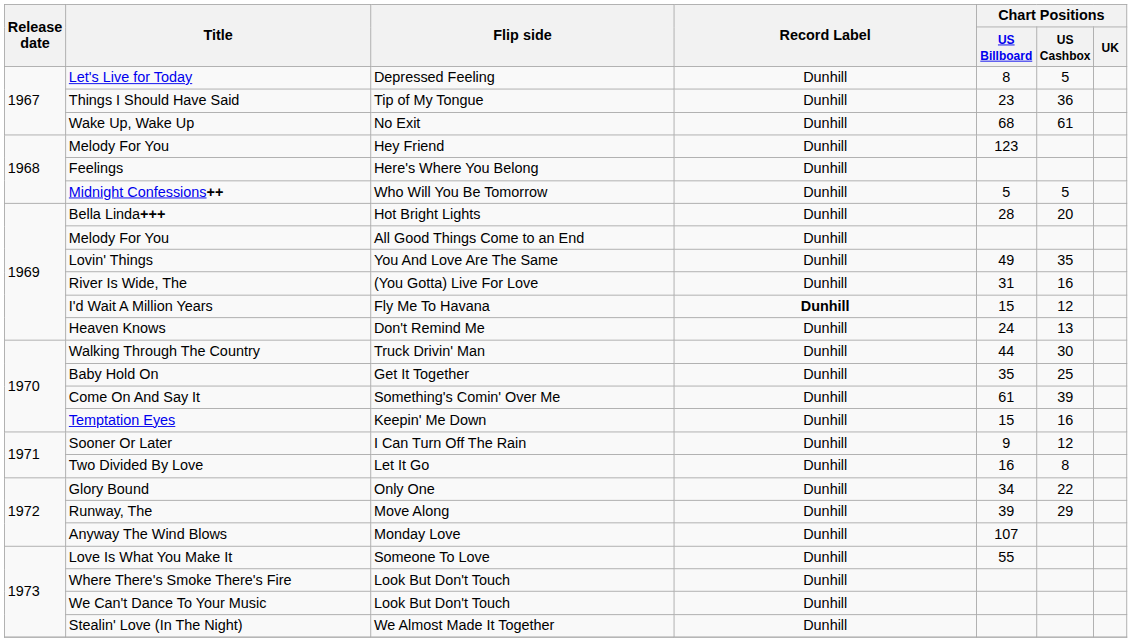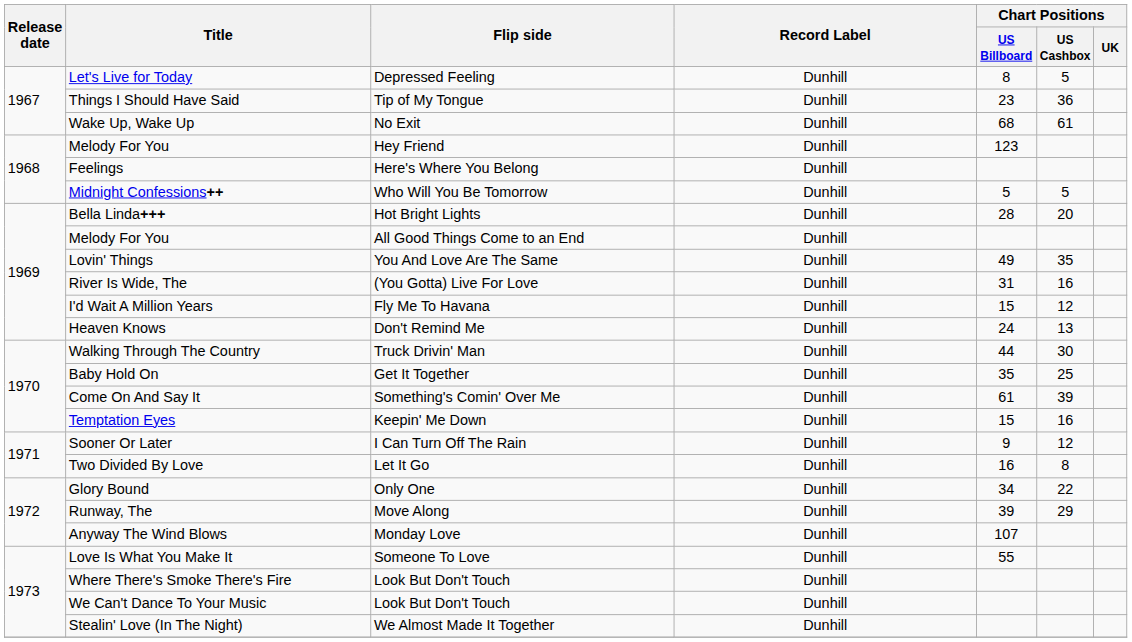 <table class="wikitable">
 <tr>
 <th width="20" rowspan="2">Release date</th>
 <th width="350" rowspan="2">Title</th>
 <th width="350" rowspan="2">Flip side</th>
 <th width="350" rowspan="2">Record Label</th>
 <th colspan="4">Chart Positions</th>
 </tr>
 <tr>
 <th width="60"><small><a href='#'>US Billboard</a></small></th>
 <th width="50"><small> US Cashbox </small></th>
 <th width="30"><small>UK</small></th>
 </tr>
 <tr>
 <td rowspan="3">1967</td>
 <td><a href='#'>Let's Live for Today</a></td>
 <td>Depressed Feeling</td>
 <td align="center">Dunhill</td>
 <td align="center">8</td>
 <td align="center">5</td>
 <td align="center"></td>
 </tr>
 <tr>
 <td>Things I Should Have Said</td>
 <td>Tip of My Tongue</td>
 <td align="center">Dunhill</td>
 <td align="center">23</td>
 <td align="center">36</td>
 <td align="center"></td>
 </tr>
 <tr>
 <td>Wake Up, Wake Up</td>
 <td>No Exit</td>
 <td align="center">Dunhill</td>
 <td align="center">68</td>
 <td align="center">61</td>
 <td align="center"></td>
 </tr>
 <tr>
 <td rowspan="3">1968</td>
 <td>Melody For You</td>
 <td>Hey Friend</td>
 <td align="center">Dunhill</td>
 <td align="center">123</td>
 <td align="center"></td>
 <td align="center"></td>
 </tr>
 <tr>
 <td>Feelings</td>
 <td>Here's Where You Belong</td>
 <td align="center">Dunhill</td>
 <td align="center"></td>
 <td align="center"></td>
 <td align="center"></td>
 </tr>
 <tr>
 <td><a href='#'>Midnight Confessions</a><strong>++</strong></td>
 <td>Who Will You Be Tomorrow</td>
 <td align="center">Dunhill</td>
 <td align="center">5</td>
 <td align="center">5</td>
 <td align="center"></td>
 </tr>
 <tr>
 <td rowspan="6">1969</td>
 <td>Bella Linda<strong>+++</strong></td>
 <td>Hot Bright Lights</td>
 <td align="center">Dunhill</td>
 <td align="center">28</td>
 <td align="center">20</td>
 <td align="center"></td>
 </tr>
 <tr>
 <td>Melody For You</td>
 <td>All Good Things Come to an End</td>
 <td align="center">Dunhill</td>
 <td align="center"></td>
 <td align="center"></td>
 <td align="center"></td>
 </tr>
 <tr>
 <td>Lovin' Things</td>
 <td>You And Love Are The Same</td>
 <td align="center">Dunhill</td>
 <td align="center">49</td>
 <td align="center">35</td>
 <td align="center"></td>
 </tr>
 <tr>
 <td>River Is Wide, The</td>
 <td>(You Gotta) Live For Love</td>
 <td align="center">Dunhill</td>
 <td align="center">31</td>
 <td align="center">16</td>
 <td align="center"></td>
 </tr>
 <tr>
 <td>I'd Wait A Million Years</td>
 <td>Fly Me To Havana</td>
-<td align="center"><strong>Dunhill</strong></td>
+<td align="center">Dunhill</td>
 <td align="center">15</td>
 <td align="center">12</td>
 <td align="center"></td>
 </tr>
 <tr>
 <td>Heaven Knows</td>
 <td>Don't Remind Me</td>
 <td align="center">Dunhill</td>
 <td align="center">24</td>
 <td align="center">13</td>
 <td align="center"></td>
 </tr>
 <tr>
 <td rowspan="4">1970</td>
 <td>Walking Through The Country</td>
 <td>Truck Drivin' Man</td>
 <td align="center">Dunhill</td>
 <td align="center">44</td>
 <td align="center">30</td>
 <td align="center"></td>
 </tr>
 <tr>
 <td>Baby Hold On</td>
 <td>Get It Together</td>
 <td align="center">Dunhill</td>
 <td align="center">35</td>
 <td align="center">25</td>
 <td align="center"></td>
 </tr>
 <tr>
 <td>Come On And Say It</td>
 <td>Something's Comin' Over Me</td>
 <td align="center">Dunhill</td>
 <td align="center">61</td>
 <td align="center">39</td>
 <td align="center"></td>
 </tr>
 <tr>
 <td><a href='#'>Temptation Eyes</a></td>
 <td>Keepin' Me Down</td>
 <td align="center">Dunhill</td>
 <td align="center">15</td>
 <td align="center">16</td>
 <td align="center"></td>
 </tr>
 <tr>
 <td rowspan="2">1971</td>
 <td>Sooner Or Later</td>
 <td>I Can Turn Off The Rain</td>
 <td align="center">Dunhill</td>
 <td align="center">9</td>
 <td align="center">12</td>
 <td align="center"></td>
 </tr>
 <tr>
 <td>Two Divided By Love</td>
 <td>Let It Go</td>
 <td align="center">Dunhill</td>
 <td align="center">16</td>
 <td align="center">8</td>
 <td align="center"></td>
 </tr>
 <tr>
 <td rowspan="3">1972</td>
 <td>Glory Bound</td>
 <td>Only One</td>
 <td align="center">Dunhill</td>
 <td align="center">34</td>
 <td align="center">22</td>
 <td align="center"></td>
 </tr>
 <tr>
 <td>Runway, The</td>
 <td>Move Along</td>
 <td align="center">Dunhill</td>
 <td align="center">39</td>
 <td align="center">29</td>
 <td align="center"></td>
 </tr>
 <tr>
 <td>Anyway The Wind Blows</td>
 <td>Monday Love</td>
 <td align="center">Dunhill</td>
 <td align="center">107</td>
 <td align="center"></td>
 <td align="center"></td>
 </tr>
 <tr>
 <td rowspan="4">1973</td>
 <td>Love Is What You Make It</td>
 <td>Someone To Love</td>
 <td align="center">Dunhill</td>
 <td align="center">55</td>
 <td align="center"></td>
 <td align="center"></td>
 </tr>
 <tr>
 <td>Where There's Smoke There's Fire</td>
 <td>Look But Don't Touch</td>
 <td align="center">Dunhill</td>
 <td align="center"></td>
 <td align="center"></td>
 <td align="center"></td>
 </tr>
 <tr>
 <td>We Can't Dance To Your Music</td>
 <td>Look But Don't Touch</td>
 <td align="center">Dunhill</td>
 <td align="center"></td>
 <td align="center"></td>
 <td align="center"></td>
 </tr>
 <tr>
 <td>Stealin' Love (In The Night)</td>
 <td>We Almost Made It Together</td>
 <td align="center">Dunhill</td>
 <td align="center"></td>
 <td align="center"></td>
 <td align="center"></td>
 </tr>
 <tr>
 </tr>
 </table>
